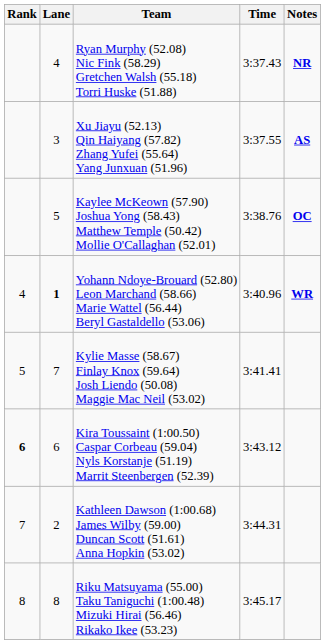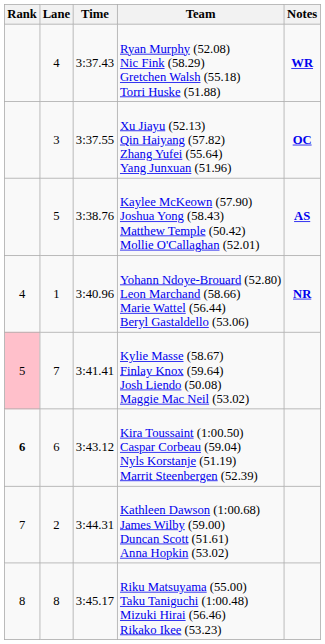 <table class="wikitable sortable mw-collapsible" style="text-align:center">
 <tr>
 <th scope="col">Rank</th>
 <th scope="col">Lane</th>
+<th scope="col">Time</th>
 <th scope="col">Team</th>
-<th scope="col">Time</th>
 <th scope="col">Notes</th>
 </tr>
 <tr>
 <td></td>
 <td>4</td>
+<td>3:37.43</td>
 <td align="left"><br><a href='#'>Ryan Murphy</a> (52.08)<br><a href='#'>Nic Fink</a> (58.29)<br><a href='#'>Gretchen Walsh</a> (55.18)<br><a href='#'>Torri Huske</a> (51.88)</td>
-<td>3:37.43</td>
-<td><strong><a href='#'>NR</a></strong></td>
+<td><strong><a href='#'>WR</a></strong></td>
 </tr>
 <tr>
 <td></td>
 <td>3</td>
+<td>3:37.55</td>
 <td align="left"> <br><a href='#'>Xu Jiayu</a> (52.13)<br><a href='#'>Qin Haiyang</a> (57.82)<br><a href='#'>Zhang Yufei</a> (55.64)<br><a href='#'>Yang Junxuan</a> (51.96)</td>
-<td>3:37.55</td>
-<td><strong><a href='#'>AS</a></strong></td>
+<td><strong><a href='#'>OC</a></strong></td>
 </tr>
 <tr>
 <td></td>
 <td>5</td>
+<td>3:38.76</td>
 <td align="left"><br><a href='#'>Kaylee McKeown</a> (57.90)<br><a href='#'>Joshua Yong</a> (58.43)<br><a href='#'>Matthew Temple</a> (50.42)<br><a href='#'>Mollie O'Callaghan</a> (52.01)</td>
-<td>3:38.76</td>
-<td><strong><a href='#'>OC</a></strong></td>
+<td><strong><a href='#'>AS</a></strong></td>
 </tr>
 <tr>
 <td>4</td>
-<td><strong>1</strong></td>
+<td>1</td>
+<td>3:40.96</td>
 <td align="left"><br><a href='#'>Yohann Ndoye-Brouard</a> (52.80)<br><a href='#'>Leon Marchand</a> (58.66)<br><a href='#'>Marie Wattel</a> (56.44)<br><a href='#'>Beryl Gastaldello</a> (53.06)</td>
-<td>3:40.96</td>
-<td><strong><a href='#'>WR</a></strong></td>
+<td><strong><a href='#'>NR</a></strong></td>
 </tr>
 <tr>
-<td>5</td>
+<td style="background: pink;">5</td>
 <td>7</td>
+<td>3:41.41</td>
 <td align="left"><br><a href='#'>Kylie Masse</a> (58.67)<br><a href='#'>Finlay Knox</a> (59.64)<br><a href='#'>Josh Liendo</a> (50.08)<br><a href='#'>Maggie Mac Neil</a> (53.02)</td>
-<td>3:41.41</td>
 <td></td>
 </tr>
 <tr>
 <td><strong>6</strong></td>
 <td>6</td>
+<td>3:43.12</td>
 <td align="left"> <br><a href='#'>Kira Toussaint</a> (1:00.50)<br><a href='#'>Caspar Corbeau</a> (59.04)<br><a href='#'>Nyls Korstanje</a> (51.19)<br><a href='#'>Marrit Steenbergen</a> (52.39)</td>
-<td>3:43.12</td>
 <td></td>
 </tr>
 <tr>
 <td>7</td>
 <td>2</td>
+<td>3:44.31</td>
 <td align="left"> <br><a href='#'>Kathleen Dawson</a> (1:00.68)<br><a href='#'>James Wilby</a> (59.00)<br><a href='#'>Duncan Scott</a> (51.61)<br><a href='#'>Anna Hopkin</a> (53.02)</td>
-<td>3:44.31</td>
 <td></td>
 </tr>
 <tr>
 <td>8</td>
 <td>8</td>
+<td>3:45.17</td>
 <td align="left"> <br><a href='#'>Riku Matsuyama</a> (55.00)<br><a href='#'>Taku Taniguchi</a> (1:00.48)<br><a href='#'>Mizuki Hirai</a> (56.46)<br><a href='#'>Rikako Ikee</a> (53.23)</td>
-<td>3:45.17</td>
 <td></td>
 </tr>
 </table>
